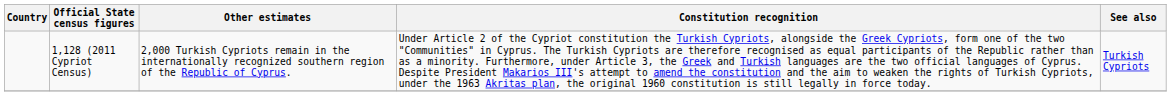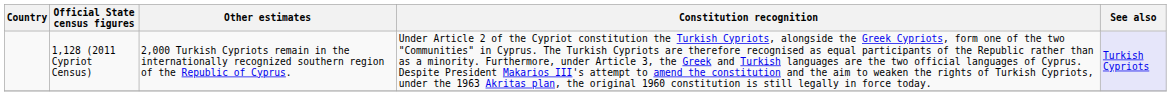 <table class="wikitable sortable">
 <tr>
 <th>Country</th>
 <th>Official State census figures</th>
 <th>Other estimates</th>
 <th>Constitution recognition</th>
 <th>See also</th>
 </tr>
 <tr>
 <td></td>
 <td>1,128 (2011 Cypriot Census)</td>
 <td>2,000 Turkish Cypriots remain in the internationally recognized southern region of the <a href='#'>Republic of Cyprus</a>.</td>
 <td>Under Article 2 of the Cypriot constitution the <a href='#'>Turkish Cypriots</a>, alongside the <a href='#'>Greek Cypriots</a>, form one of the two "Communities" in Cyprus. The Turkish Cypriots are therefore recognised as equal participants of the Republic rather than as a minority. Furthermore, under Article 3, the <a href='#'>Greek</a> and <a href='#'>Turkish</a> languages are the two official languages of Cyprus. <br> Despite President <a href='#'>Makarios III</a>'s attempt to <a href='#'>amend the constitution</a> and the aim to weaken the rights of Turkish Cypriots, under the 1963 <a href='#'>Akritas plan</a>, the original 1960 constitution is still legally in force today.</td>
-<td><a href='#'>Turkish Cypriots</a></td>
+<td style="background: lavender;"><a href='#'>Turkish Cypriots</a></td>
 </tr>
 <tr>
 </tr>
 </table>
